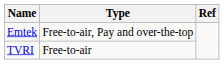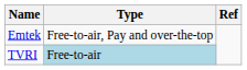 <table class="wikitable sortable">
 <tr>
 <th>Name</th>
 <th>Type</th>
 <th>Ref</th>
 </tr>
 <tr>
 <td><a href='#'>Emtek</a></td>
 <td>Free-to-air, Pay and over-the-top</td>
 <td rowspan=2></td>
 </tr>
 <tr>
 <td><a href='#'>TVRI</a></td>
-<td>Free-to-air</td>
+<td style="background: lightblue;">Free-to-air</td>
 </tr>
 </table>
